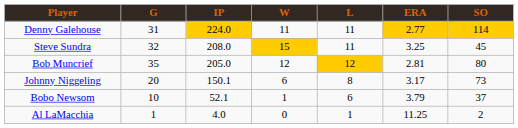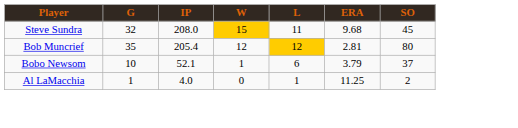 <table class="wikitable sortable">
 <tr>
 <th style="background:#312821;color:#de6108;" width="16%">Player</th>
 <th style="background:#312821;color:#de6108;" width="9%">G</th>
 <th style="background:#312821;color:#de6108;" width="9%">IP</th>
 <th style="background:#312821;color:#de6108;" width="9%">W</th>
 <th style="background:#312821;color:#de6108;" width="9%">L</th>
 <th style="background:#312821;color:#de6108;" width="9%">ERA</th>
 <th style="background:#312821;color:#de6108;" width="9%">SO</th>
 </tr>
 <tr align="center">
-<td><a href='#'>Denny Galehouse</a></td>
-<td>31</td>
-<td style="background:#fc0;">224.0</td>
-<td>11</td>
-<td>11</td>
-<td style="background:#fc0;">2.77</td>
-<td style="background:#fc0;">114</td>
-</tr>
-<tr align="center">
 <td><a href='#'>Steve Sundra</a></td>
 <td>32</td>
 <td>208.0</td>
 <td style="background:#fc0;">15</td>
 <td>11</td>
-<td>3.25</td>
+<td>9.68</td>
 <td>45</td>
 </tr>
 <tr align="center">
 <td><a href='#'>Bob Muncrief</a></td>
 <td>35</td>
-<td>205.0</td>
+<td>205.4</td>
 <td>12</td>
 <td style="background:#fc0;">12</td>
 <td>2.81</td>
 <td>80</td>
-</tr>
-<tr align="center">
-<td><a href='#'>Johnny Niggeling</a></td>
-<td>20</td>
-<td>150.1</td>
-<td>6</td>
-<td>8</td>
-<td>3.17</td>
-<td>73</td>
 </tr>
 <tr align="center">
 <td><a href='#'>Bobo Newsom</a></td>
 <td>10</td>
 <td>52.1</td>
 <td>1</td>
 <td>6</td>
 <td>3.79</td>
 <td>37</td>
 </tr>
 <tr align="center">
 <td><a href='#'>Al LaMacchia</a></td>
 <td>1</td>
 <td>4.0</td>
 <td>0</td>
 <td>1</td>
 <td>11.25</td>
 <td>2</td>
 </tr>
 </table>
